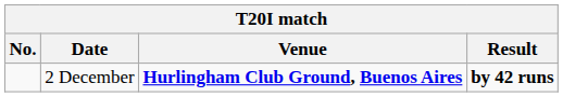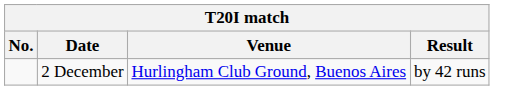 <table class="wikitable">
 <tr>
 <th colspan="6">T20I match</th>
 </tr>
 <tr>
 <th>No.</th>
 <th>Date</th>
 <th>Venue</th>
 <th>Result</th>
 </tr>
 <tr>
 <td></td>
 <td>2 December</td>
-<td><strong><a href='#'>Hurlingham Club Ground</a>, <a href='#'>Buenos Aires</a></strong></td>
-<td><strong> by 42 runs</strong></td>
+<td><a href='#'>Hurlingham Club Ground</a>, <a href='#'>Buenos Aires</a></td>
+<td> by 42 runs</td>
 </tr>
 </table>
